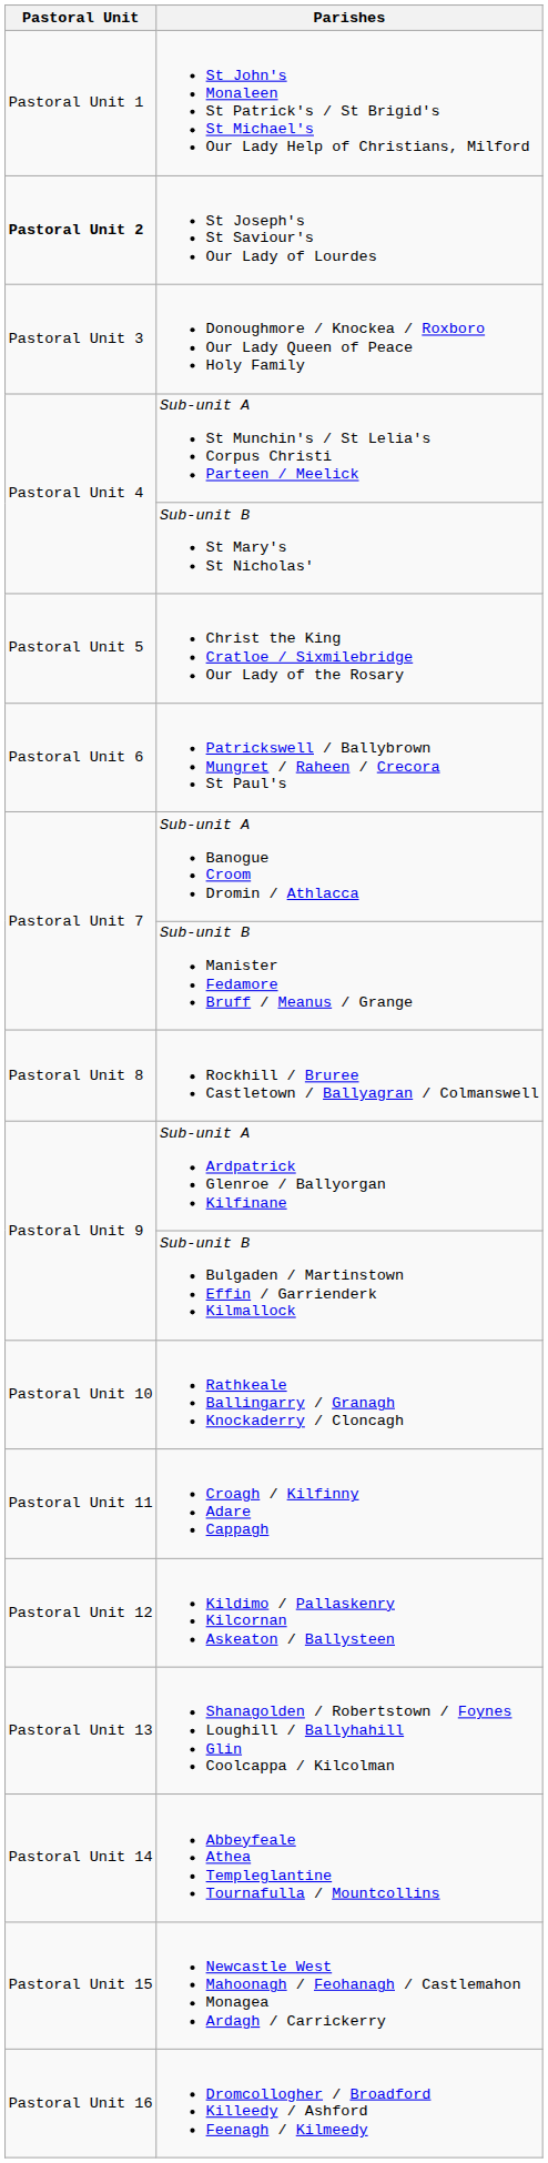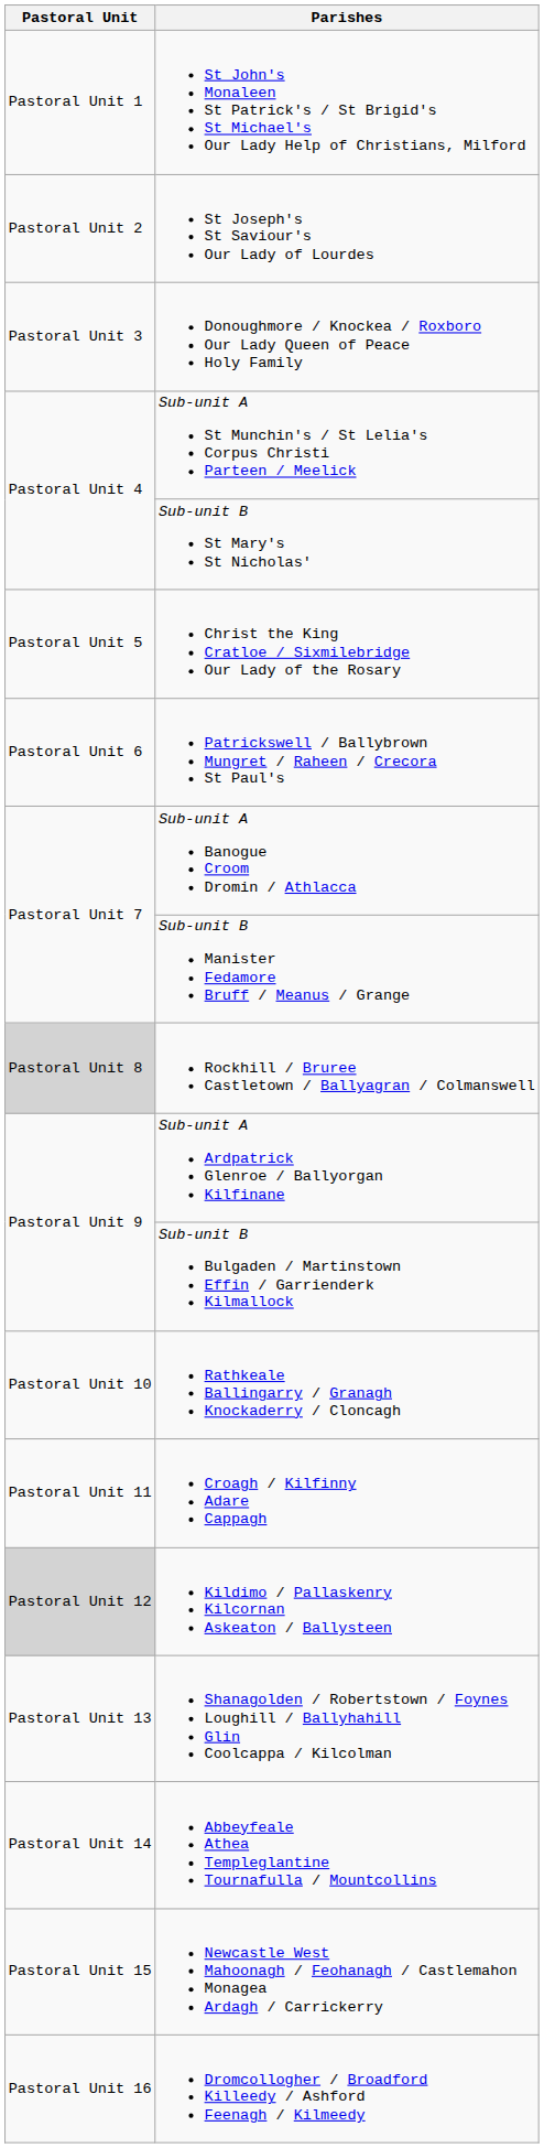 <table class="wikitable" style="line-height:120%;">
 <tr>
 <th>Pastoral Unit</th>
 <th>Parishes</th>
 </tr>
 <tr>
 <td>Pastoral Unit 1</td>
 <td><br><ul><li><a href='#'>St John's</a></li><li><a href='#'>Monaleen</a></li><li>St Patrick's / St Brigid's</li><li><a href='#'>St Michael's</a></li><li>Our Lady Help of Christians, Milford</li></ul></td>
 </tr>
 <tr>
-<td><strong>Pastoral Unit 2</strong></td>
+<td>Pastoral Unit 2</td>
 <td><br><ul><li>St Joseph's</li><li>St Saviour's</li><li>Our Lady of Lourdes</li></ul></td>
 </tr>
 <tr>
 <td>Pastoral Unit 3</td>
 <td><br><ul><li>Donoughmore / Knockea / <a href='#'>Roxboro</a></li><li>Our Lady Queen of Peace</li><li>Holy Family</li></ul></td>
 </tr>
 <tr>
 <td rowspan="2">Pastoral Unit 4</td>
 <td><em>Sub-unit A</em><br><ul><li>St Munchin's / St Lelia's</li><li>Corpus Christi</li><li><a href='#'>Parteen / Meelick</a></li></ul></td>
 </tr>
 <tr>
 <td><em>Sub-unit B</em><br><ul><li>St Mary's</li><li>St Nicholas'</li></ul></td>
 </tr>
 <tr>
 <td>Pastoral Unit 5</td>
 <td><br><ul><li>Christ the King</li><li><a href='#'>Cratloe / Sixmilebridge</a></li><li>Our Lady of the Rosary</li></ul></td>
 </tr>
 <tr>
 <td>Pastoral Unit 6</td>
 <td><br><ul><li><a href='#'>Patrickswell</a> / Ballybrown</li><li><a href='#'>Mungret</a> / <a href='#'>Raheen</a> / <a href='#'>Crecora</a></li><li>St Paul's</li></ul></td>
 </tr>
 <tr>
 <td rowspan="2">Pastoral Unit 7</td>
 <td><em>Sub-unit A</em><br><ul><li>Banogue</li><li><a href='#'>Croom</a></li><li>Dromin / <a href='#'>Athlacca</a></li></ul></td>
 </tr>
 <tr>
 <td><em>Sub-unit B</em><br><ul><li>Manister</li><li><a href='#'>Fedamore</a></li><li><a href='#'>Bruff</a> / <a href='#'>Meanus</a> / Grange</li></ul></td>
 </tr>
 <tr>
-<td>Pastoral Unit 8</td>
+<td style="background: lightgrey;">Pastoral Unit 8</td>
 <td><br><ul><li>Rockhill / <a href='#'>Bruree</a></li><li>Castletown / <a href='#'>Ballyagran</a> / Colmanswell</li></ul></td>
 </tr>
 <tr>
 <td rowspan="2">Pastoral Unit 9</td>
 <td><em>Sub-unit A</em><br><ul><li><a href='#'>Ardpatrick</a></li><li>Glenroe / Ballyorgan</li><li><a href='#'>Kilfinane</a></li></ul></td>
 </tr>
 <tr>
 <td><em>Sub-unit B</em><br><ul><li>Bulgaden / Martinstown</li><li><a href='#'>Effin</a> / Garrienderk</li><li><a href='#'>Kilmallock</a></li></ul></td>
 </tr>
 <tr>
 <td>Pastoral Unit 10</td>
 <td><br><ul><li><a href='#'>Rathkeale</a></li><li><a href='#'>Ballingarry</a> / <a href='#'>Granagh</a></li><li><a href='#'>Knockaderry</a> / Cloncagh</li></ul></td>
 </tr>
 <tr>
 <td>Pastoral Unit 11</td>
 <td><br><ul><li><a href='#'>Croagh</a> / <a href='#'>Kilfinny</a></li><li><a href='#'>Adare</a></li><li><a href='#'>Cappagh</a></li></ul></td>
 </tr>
 <tr>
-<td>Pastoral Unit 12</td>
+<td style="background: lightgrey;">Pastoral Unit 12</td>
 <td><br><ul><li><a href='#'>Kildimo</a> / <a href='#'>Pallaskenry</a></li><li><a href='#'>Kilcornan</a></li><li><a href='#'>Askeaton</a> / <a href='#'>Ballysteen</a></li></ul></td>
 </tr>
 <tr>
 <td>Pastoral Unit 13</td>
 <td><br><ul><li><a href='#'>Shanagolden</a> / Robertstown / <a href='#'>Foynes</a></li><li>Loughill / <a href='#'>Ballyhahill</a></li><li><a href='#'>Glin</a></li><li>Coolcappa / Kilcolman</li></ul></td>
 </tr>
 <tr>
 <td>Pastoral Unit 14</td>
 <td><br><ul><li><a href='#'>Abbeyfeale</a></li><li><a href='#'>Athea</a></li><li><a href='#'>Templeglantine</a></li><li><a href='#'>Tournafulla</a> / <a href='#'>Mountcollins</a></li></ul></td>
 </tr>
 <tr>
 <td>Pastoral Unit 15</td>
 <td><br><ul><li><a href='#'>Newcastle West</a></li><li><a href='#'>Mahoonagh</a> / <a href='#'>Feohanagh</a> / Castlemahon</li><li>Monagea</li><li><a href='#'>Ardagh</a> / Carrickerry</li></ul></td>
 </tr>
 <tr>
 <td>Pastoral Unit 16</td>
 <td><br><ul><li><a href='#'>Dromcollogher</a> / <a href='#'>Broadford</a></li><li><a href='#'>Killeedy</a> / Ashford</li><li><a href='#'>Feenagh</a> / <a href='#'>Kilmeedy</a></li></ul></td>
 </tr>
 </table>
